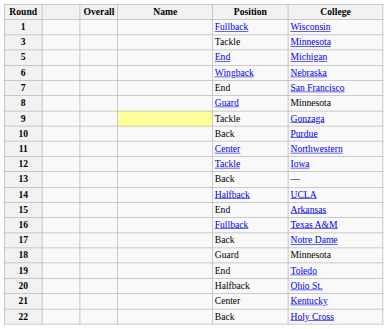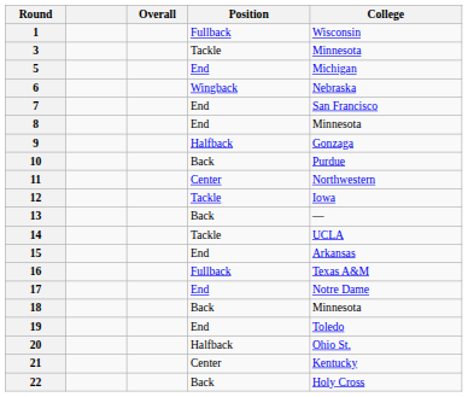 <table class="wikitable sortable" style="width: 50%;">
 <tr>
 <th scope="col" style="width: 10%;">Round</th>
 <th scope="col" style="width: 10%;"></th>
 <th scope="col" style="width: 10%;">Overall</th>
-<th scope="col" style="width: 25%;">Name</th>
 <th scope="col" style="width: 20%;">Position</th>
 <th scope="col" style="width: 25%;">College</th>
 </tr>
 <tr>
 <th scope="row">1</th>
-<td></td>
 <td></td>
 <td></td>
 <td><a href='#'>Fullback</a></td>
 <td><a href='#'>Wisconsin</a></td>
 </tr>
 <tr>
 <th scope="row">3</th>
 <td></td>
 <td></td>
-<td></td>
 <td>Tackle</td>
 <td><a href='#'>Minnesota</a></td>
 </tr>
 <tr>
 <th scope="row">5</th>
-<td></td>
 <td></td>
 <td></td>
 <td><a href='#'>End</a></td>
 <td><a href='#'>Michigan</a></td>
 </tr>
 <tr>
 <th scope="row">6</th>
 <td></td>
 <td></td>
-<td></td>
 <td><a href='#'>Wingback</a></td>
 <td><a href='#'>Nebraska</a></td>
 </tr>
 <tr>
 <th scope="row">7</th>
-<td></td>
 <td></td>
 <td></td>
 <td>End</td>
 <td><a href='#'>San Francisco</a></td>
 </tr>
 <tr>
 <th scope="row">8</th>
 <td></td>
 <td></td>
-<td></td>
-<td><a href='#'>Guard</a></td>
+<td>End</td>
 <td>Minnesota</td>
 </tr>
 <tr>
 <th scope="row">9</th>
 <td></td>
 <td></td>
-<td style="background:#FFFF99;"> </td>
-<td>Tackle</td>
+<td><a href='#'>Halfback</a></td>
 <td><a href='#'>Gonzaga</a></td>
 </tr>
 <tr>
 <th scope="row">10</th>
-<td></td>
 <td></td>
 <td></td>
 <td>Back</td>
 <td><a href='#'>Purdue</a></td>
 </tr>
 <tr>
 <th scope="row">11</th>
 <td></td>
 <td></td>
-<td></td>
 <td><a href='#'>Center</a></td>
 <td><a href='#'>Northwestern</a></td>
 </tr>
 <tr>
 <th scope="row">12</th>
-<td></td>
 <td></td>
 <td></td>
 <td><a href='#'>Tackle</a></td>
 <td><a href='#'>Iowa</a></td>
 </tr>
 <tr>
 <th scope="row">13</th>
 <td></td>
 <td></td>
-<td></td>
 <td>Back</td>
 <td>—</td>
 </tr>
 <tr>
 <th scope="row">14</th>
 <td></td>
 <td></td>
-<td></td>
-<td><a href='#'>Halfback</a></td>
+<td>Tackle</td>
 <td><a href='#'>UCLA</a></td>
 </tr>
 <tr>
 <th scope="row">15</th>
-<td></td>
 <td></td>
 <td></td>
 <td>End</td>
 <td><a href='#'>Arkansas</a></td>
 </tr>
 <tr>
 <th scope="row">16</th>
 <td></td>
 <td></td>
-<td></td>
 <td><a href='#'>Fullback</a></td>
 <td><a href='#'>Texas A&M</a></td>
 </tr>
 <tr>
 <th scope="row">17</th>
 <td></td>
 <td></td>
-<td></td>
-<td>Back</td>
+<td><a href='#'>End</a></td>
 <td><a href='#'>Notre Dame</a></td>
 </tr>
 <tr>
 <th scope="row">18</th>
 <td></td>
 <td></td>
-<td></td>
-<td>Guard</td>
+<td>Back</td>
 <td>Minnesota</td>
 </tr>
 <tr>
 <th scope="row">19</th>
-<td></td>
 <td></td>
 <td></td>
 <td>End</td>
 <td><a href='#'>Toledo</a></td>
 </tr>
 <tr>
 <th scope="row">20</th>
 <td></td>
 <td></td>
-<td></td>
 <td>Halfback</td>
 <td><a href='#'>Ohio St.</a></td>
 </tr>
 <tr>
 <th scope="row">21</th>
-<td></td>
 <td></td>
 <td></td>
 <td>Center</td>
 <td><a href='#'>Kentucky</a></td>
 </tr>
 <tr>
 <th scope="row">22</th>
 <td></td>
 <td></td>
-<td></td>
 <td>Back</td>
 <td><a href='#'>Holy Cross</a></td>
 </tr>
 </table>
